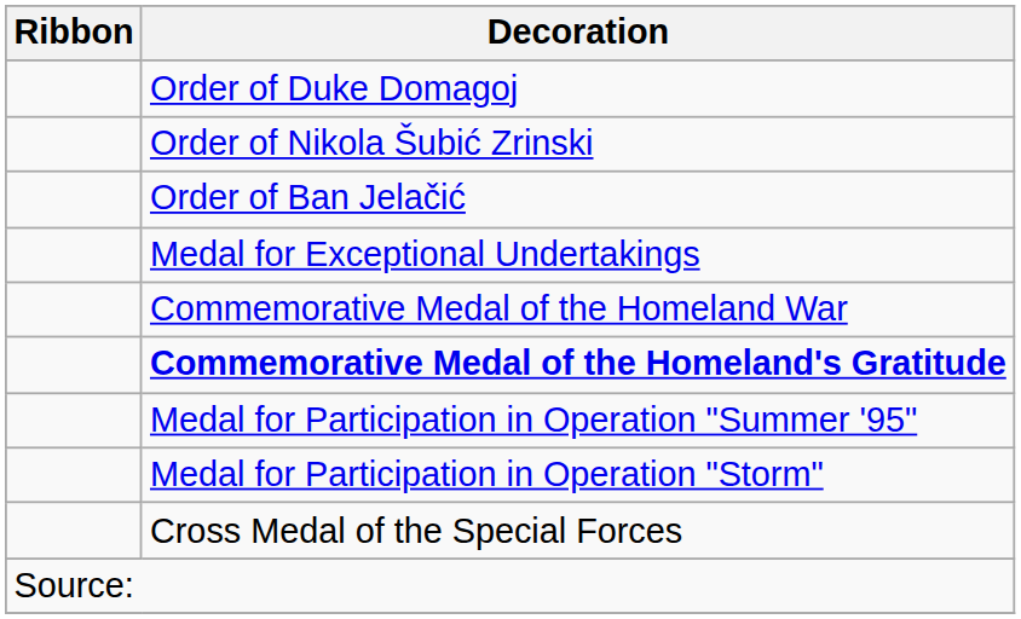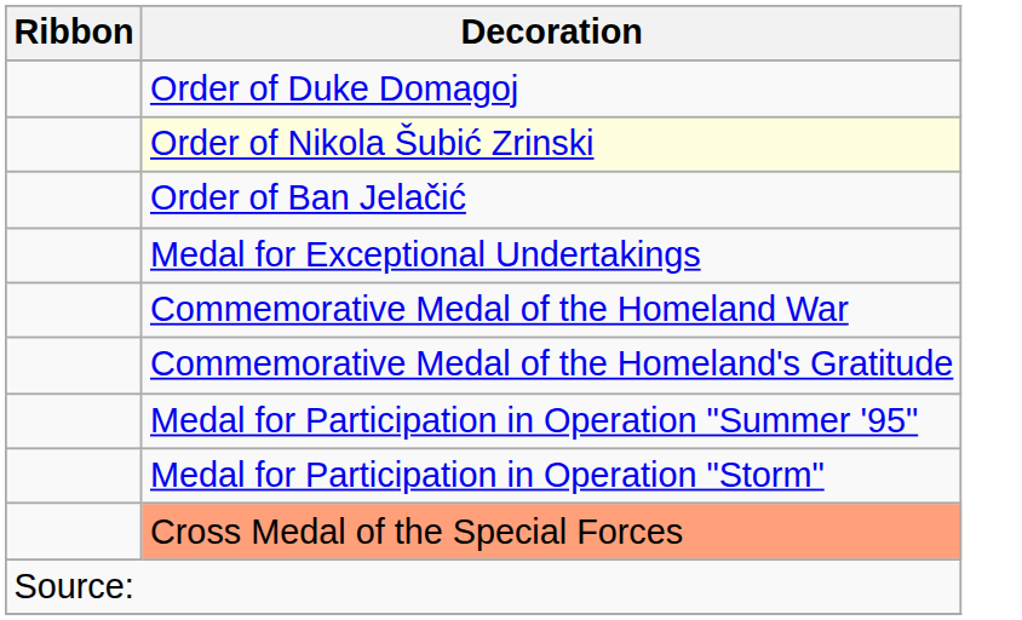 <table class="wikitable">
 <tr>
 <th width="0%">Ribbon</th>
 <th width="0%">Decoration</th>
 </tr>
 <tr>
 <td></td>
 <td><a href='#'>Order of Duke Domagoj</a></td>
 </tr>
 <tr>
 <td></td>
-<td><a href='#'>Order of Nikola Šubić Zrinski</a></td>
+<td style="background: lightyellow;"><a href='#'>Order of Nikola Šubić Zrinski</a></td>
 </tr>
 <tr>
 <td></td>
 <td><a href='#'>Order of Ban Jelačić</a></td>
 </tr>
 <tr>
 <td></td>
 <td><a href='#'>Medal for Exceptional Undertakings</a></td>
 </tr>
 <tr>
 <td></td>
 <td><a href='#'>Commemorative Medal of the Homeland War</a></td>
 </tr>
 <tr>
 <td></td>
-<td><strong><a href='#'>Commemorative Medal of the Homeland's Gratitude</a></strong></td>
+<td><a href='#'>Commemorative Medal of the Homeland's Gratitude</a></td>
 </tr>
 <tr>
 <td></td>
 <td><a href='#'>Medal for Participation in Operation "Summer '95"</a></td>
 </tr>
 <tr>
 <td></td>
 <td><a href='#'>Medal for Participation in Operation "Storm"</a></td>
 </tr>
 <tr>
 <td></td>
-<td>Cross Medal of the Special Forces</td>
+<td style="background: lightsalmon;">Cross Medal of the Special Forces</td>
 </tr>
 <tr>
 <td colspan=5>Source:</td>
 </tr>
 <tr>
 </tr>
 </table>
